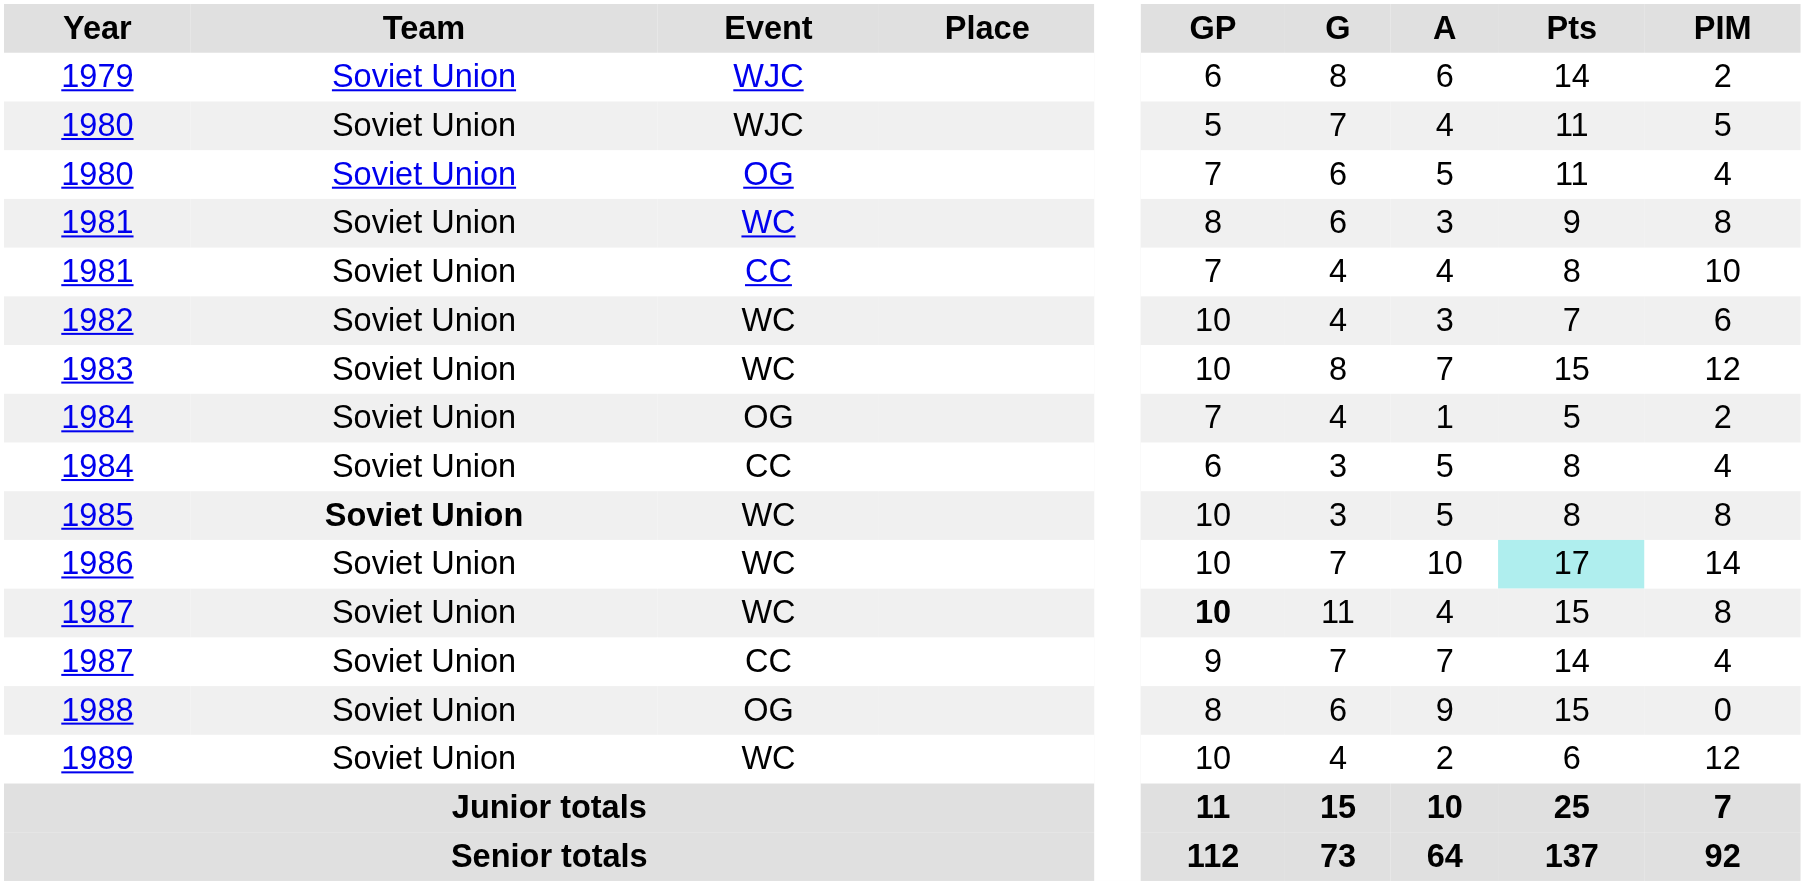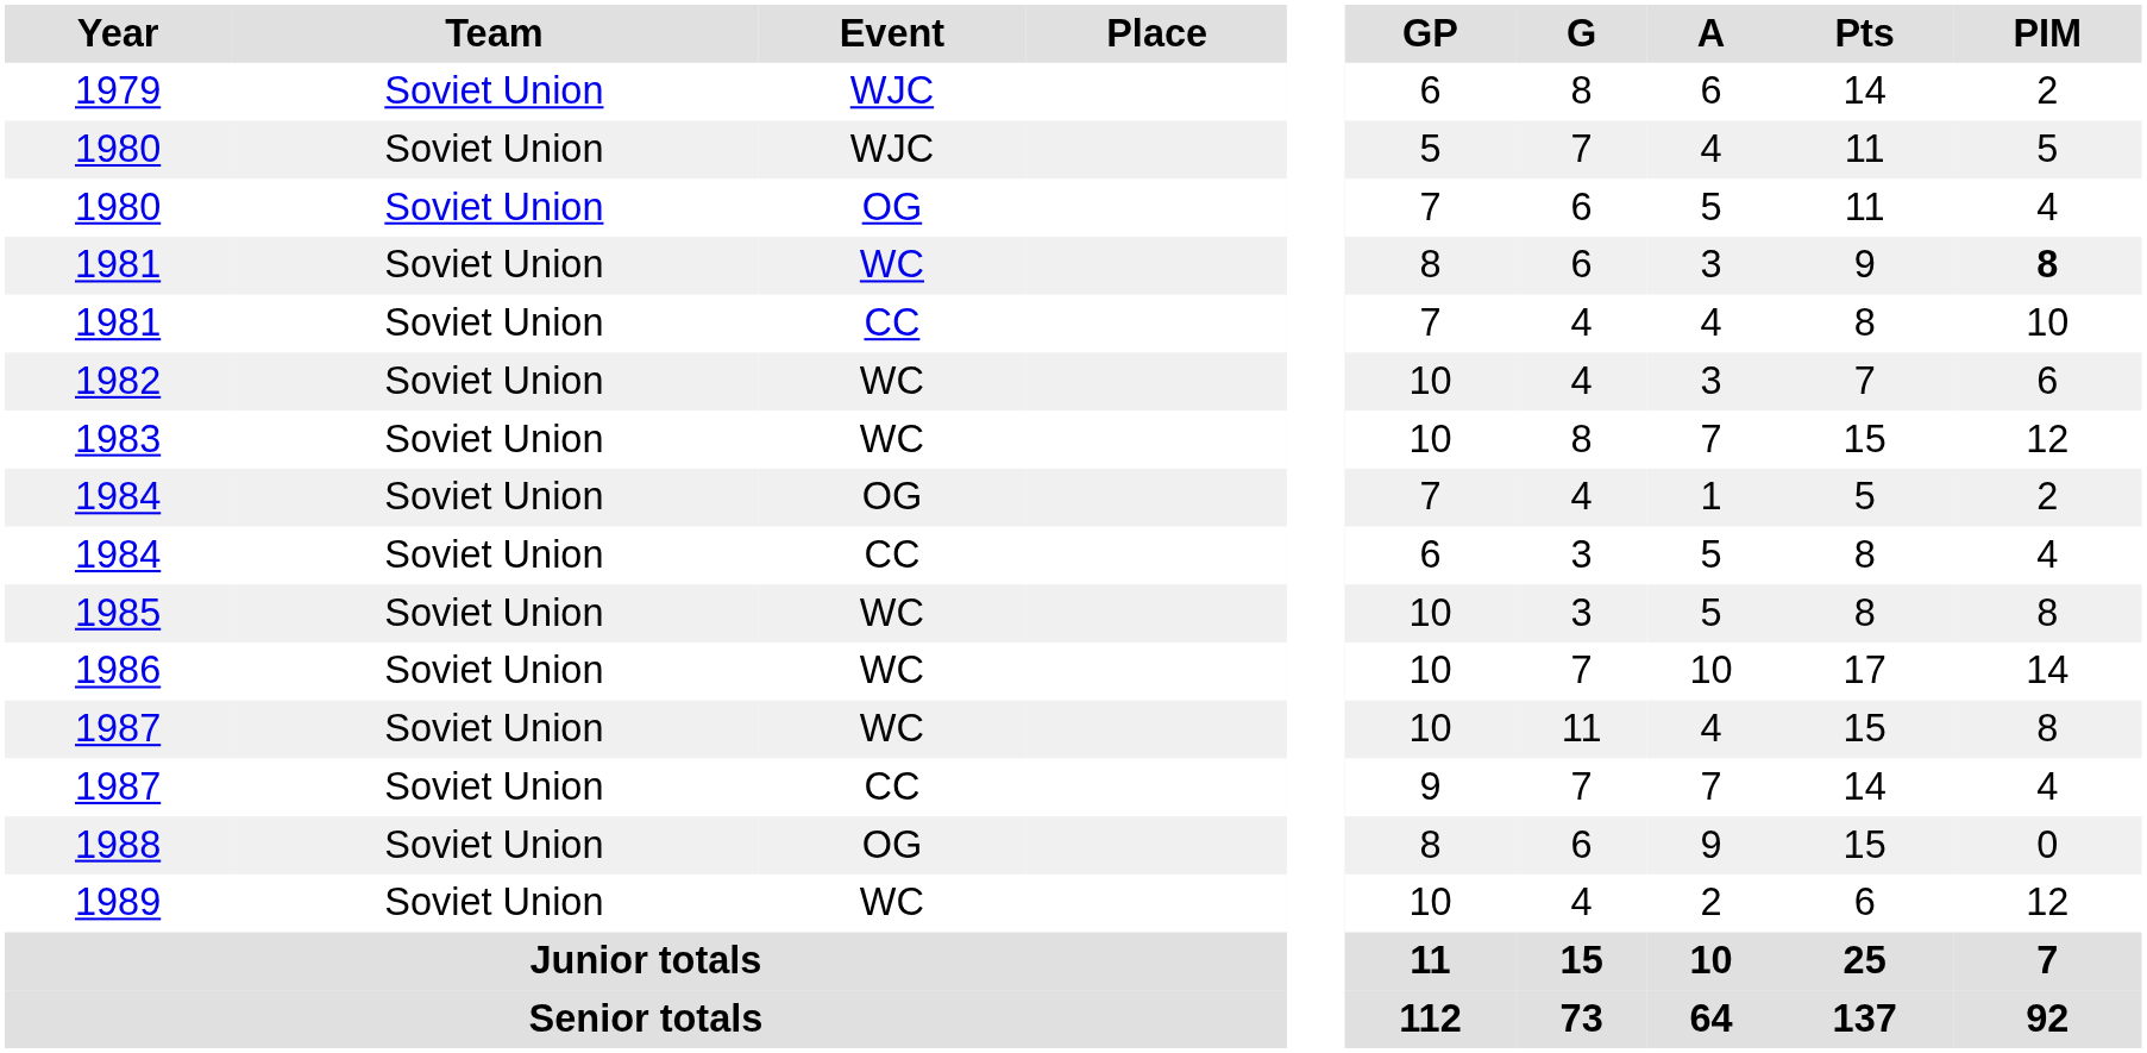 <table BORDER="0" CELLPADDING="3" CELLSPACING="0" width=70%>
 <tr ALIGN="center" bgcolor="#e0e0e0">
 <th>Year</th>
 <th>Team</th>
 <th>Event</th>
 <th>Place</th>
 <th ALIGN="center" rowspan="99" bgcolor="#ffffff"> </th>
 <th>GP</th>
 <th>G</th>
 <th>A</th>
 <th>Pts</th>
 <th>PIM</th>
 </tr>
 <tr ALIGN="center">
 <td><a href='#'>1979</a></td>
 <td><a href='#'>Soviet Union</a></td>
 <td><a href='#'>WJC</a></td>
 <td></td>
 <td>6</td>
 <td>8</td>
 <td>6</td>
 <td>14</td>
 <td>2</td>
 </tr>
 <tr ALIGN="center" bgcolor="#f0f0f0">
 <td><a href='#'>1980</a></td>
 <td>Soviet Union</td>
 <td>WJC</td>
 <td></td>
 <td>5</td>
 <td>7</td>
 <td>4</td>
 <td>11</td>
 <td>5</td>
 </tr>
 <tr ALIGN="center">
 <td><a href='#'>1980</a></td>
 <td><a href='#'>Soviet Union</a></td>
 <td><a href='#'>OG</a></td>
 <td></td>
 <td>7</td>
 <td>6</td>
 <td>5</td>
 <td>11</td>
 <td>4</td>
 </tr>
 <tr ALIGN="center" bgcolor="#f0f0f0">
 <td><a href='#'>1981</a></td>
 <td>Soviet Union</td>
 <td><a href='#'>WC</a></td>
 <td></td>
 <td>8</td>
 <td>6</td>
 <td>3</td>
 <td>9</td>
-<td>8</td>
+<td><strong>8</strong></td>
 </tr>
 <tr ALIGN="center">
 <td><a href='#'>1981</a></td>
 <td>Soviet Union</td>
 <td><a href='#'>CC</a></td>
 <td></td>
 <td>7</td>
 <td>4</td>
 <td>4</td>
 <td>8</td>
 <td>10</td>
 </tr>
 <tr ALIGN="center" bgcolor="#f0f0f0">
 <td><a href='#'>1982</a></td>
 <td>Soviet Union</td>
 <td>WC</td>
 <td></td>
 <td>10</td>
 <td>4</td>
 <td>3</td>
 <td>7</td>
 <td>6</td>
 </tr>
 <tr ALIGN="center">
 <td><a href='#'>1983</a></td>
 <td>Soviet Union</td>
 <td>WC</td>
 <td></td>
 <td>10</td>
 <td>8</td>
 <td>7</td>
 <td>15</td>
 <td>12</td>
 </tr>
 <tr ALIGN="center" bgcolor="#f0f0f0">
 <td><a href='#'>1984</a></td>
 <td>Soviet Union</td>
 <td>OG</td>
 <td></td>
 <td>7</td>
 <td>4</td>
 <td>1</td>
 <td>5</td>
 <td>2</td>
 </tr>
 <tr ALIGN="center">
 <td><a href='#'>1984</a></td>
 <td>Soviet Union</td>
 <td>CC</td>
 <td></td>
 <td>6</td>
 <td>3</td>
 <td>5</td>
 <td>8</td>
 <td>4</td>
 </tr>
 <tr ALIGN="center"  bgcolor="#f0f0f0">
 <td><a href='#'>1985</a></td>
-<td><strong>Soviet Union</strong></td>
+<td>Soviet Union</td>
 <td>WC</td>
 <td></td>
 <td>10</td>
 <td>3</td>
 <td>5</td>
 <td>8</td>
 <td>8</td>
 </tr>
 <tr ALIGN="center">
 <td><a href='#'>1986</a></td>
 <td>Soviet Union</td>
 <td>WC</td>
 <td></td>
 <td>10</td>
 <td>7</td>
 <td>10</td>
-<td style="background: paleturquoise;">17</td>
+<td>17</td>
 <td>14</td>
 </tr>
 <tr ALIGN="center" bgcolor="#f0f0f0">
 <td><a href='#'>1987</a></td>
 <td>Soviet Union</td>
 <td>WC</td>
 <td></td>
-<td><strong>10</strong></td>
+<td>10</td>
 <td>11</td>
 <td>4</td>
 <td>15</td>
 <td>8</td>
 </tr>
 <tr ALIGN="center">
 <td><a href='#'>1987</a></td>
 <td>Soviet Union</td>
 <td>CC</td>
 <td></td>
 <td>9</td>
 <td>7</td>
 <td>7</td>
 <td>14</td>
 <td>4</td>
 </tr>
 <tr ALIGN="center" bgcolor="#f0f0f0">
 <td><a href='#'>1988</a></td>
 <td>Soviet Union</td>
 <td>OG</td>
 <td></td>
 <td>8</td>
 <td>6</td>
 <td>9</td>
 <td>15</td>
 <td>0</td>
 </tr>
 <tr ALIGN="center">
 <td><a href='#'>1989</a></td>
 <td>Soviet Union</td>
 <td>WC</td>
 <td></td>
 <td>10</td>
 <td>4</td>
 <td>2</td>
 <td>6</td>
 <td>12</td>
 </tr>
 <tr ALIGN="center" bgcolor="#e0e0e0">
 <th colspan=4>Junior totals</th>
 <th>11</th>
 <th>15</th>
 <th>10</th>
 <th>25</th>
 <th>7</th>
 </tr>
 <tr ALIGN="center" bgcolor="#e0e0e0">
 <th colspan=4>Senior totals</th>
 <th>112</th>
 <th>73</th>
 <th>64</th>
 <th>137</th>
 <th>92</th>
 </tr>
 </table>
